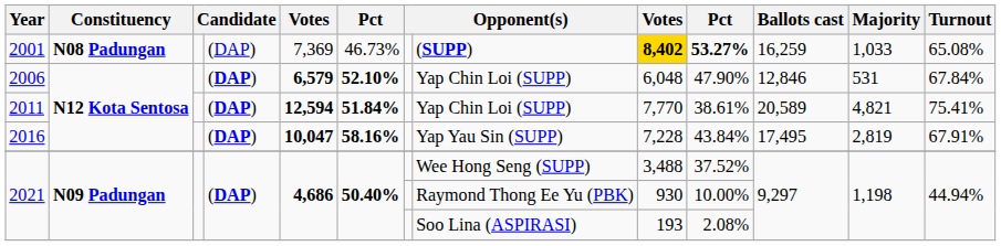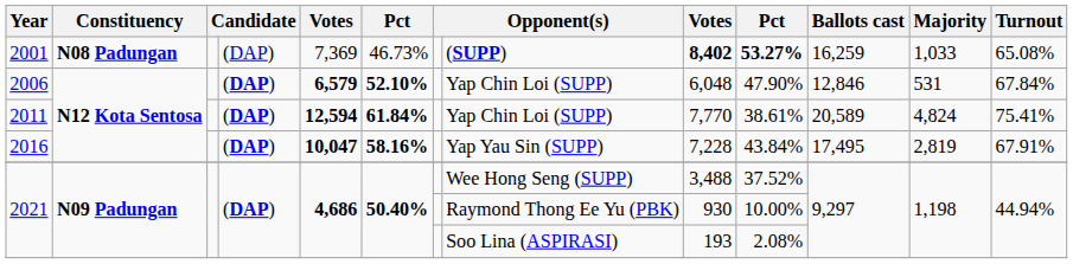 <table class="wikitable" style="margin:0.5em ; font-size:95%">
 <tr>
 <th>Year</th>
 <th>Constituency</th>
 <th colspan=2>Candidate</th>
 <th>Votes</th>
 <th>Pct</th>
 <th colspan=2>Opponent(s)</th>
 <th>Votes</th>
 <th>Pct</th>
 <th>Ballots cast</th>
 <th>Majority</th>
 <th>Turnout</th>
 </tr>
 <tr>
 <td><a href='#'>2001</a></td>
 <td><strong>N08 <a href='#'>Padungan</a></strong></td>
 <td></td>
 <td> (<a href='#'>DAP</a>)</td>
 <td style="text-align:right;">7,369</td>
 <td style="text-align:right;">46.73%</td>
 <td></td>
 <td><strong></strong> (<strong><a href='#'>SUPP</a></strong>)</td>
-<td style="background: gold; text-align:right;"><strong>8,402</strong></td>
+<td style="text-align:right;"><strong>8,402</strong></td>
 <td style="text-align:right;"><strong>53.27%</strong></td>
 <td>16,259</td>
 <td>1,033</td>
 <td>65.08%</td>
 </tr>
 <tr>
 <td><a href='#'>2006</a></td>
 <td rowspan="3"><strong>N12 <a href='#'>Kota Sentosa</a></strong></td>
 <td></td>
 <td> (<strong><a href='#'>DAP</a></strong>)</td>
 <td style="text-align:right;"><strong>6,579</strong></td>
 <td style="text-align:right;"><strong>52.10%</strong></td>
 <td></td>
 <td>Yap Chin Loi (<a href='#'>SUPP</a>)</td>
 <td style="text-align:right;">6,048</td>
 <td style="text-align:right;">47.90%</td>
 <td>12,846</td>
 <td>531</td>
 <td>67.84%</td>
 </tr>
 <tr>
 <td><a href='#'>2011</a></td>
 <td></td>
 <td> (<strong><a href='#'>DAP</a></strong>)</td>
 <td style="text-align:right;"><strong>12,594</strong></td>
-<td style="text-align:right;"><strong>51.84%</strong></td>
+<td style="text-align:right;"><strong>61.84%</strong></td>
 <td></td>
 <td>Yap Chin Loi (<a href='#'>SUPP</a>)</td>
 <td style="text-align:right;">7,770</td>
 <td style="text-align:right;">38.61%</td>
 <td>20,589</td>
-<td>4,821</td>
+<td>4,824</td>
 <td>75.41%</td>
 </tr>
 <tr>
 <td><a href='#'>2016</a></td>
 <td></td>
 <td> (<strong><a href='#'>DAP</a></strong>)</td>
 <td style="text-align:right;"><strong>10,047</strong></td>
 <td style="text-align:right;"><strong>58.16%</strong></td>
 <td></td>
 <td>Yap Yau Sin (<a href='#'>SUPP</a>)</td>
 <td style="text-align:right;">7,228</td>
 <td style="text-align:right;">43.84%</td>
 <td>17,495</td>
 <td>2,819</td>
 <td>67.91%</td>
 </tr>
 <tr>
 </tr>
 <tr>
 <td rowspan="3"><a href='#'>2021</a></td>
 <td rowspan="3"><strong>N09 <a href='#'>Padungan</a></strong></td>
 <td rowspan="3" ></td>
 <td rowspan="3"><strong></strong> (<a href='#'><strong>DAP</strong></a>)</td>
 <td rowspan="3" style="text-align:right;"><strong>4,686</strong></td>
 <td rowspan="3" style="text-align:right;"><strong>50.40%</strong></td>
 <td style="background:"></td>
 <td>Wee Hong Seng (<a href='#'>SUPP</a>)</td>
 <td style="text-align:right;">3,488</td>
 <td style="text-align:right;">37.52%</td>
 <td rowspan="3">9,297</td>
 <td rowspan="3">1,198</td>
 <td rowspan="3">44.94%</td>
 </tr>
 <tr>
 <td style="background:"></td>
 <td>Raymond Thong Ee Yu (<a href='#'>PBK</a>)</td>
 <td style="text-align:right;">930</td>
 <td style="text-align:right;">10.00%</td>
 </tr>
 <tr>
 <td style="background:"></td>
 <td>Soo Lina (<a href='#'>ASPIRASI</a>)</td>
 <td style="text-align:right;">193</td>
 <td style="text-align:right;">2.08%</td>
 </tr>
 <tr>
 </tr>
 </table>
